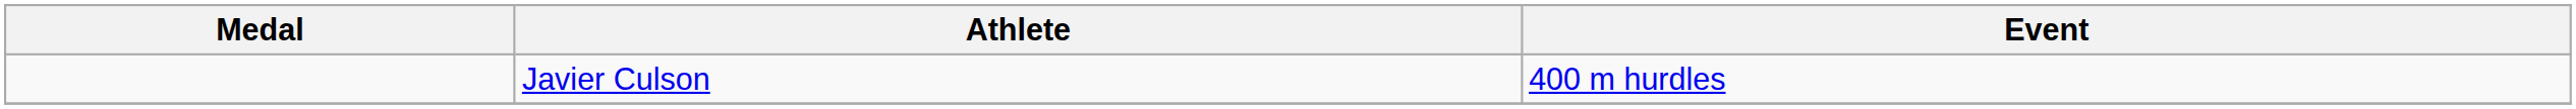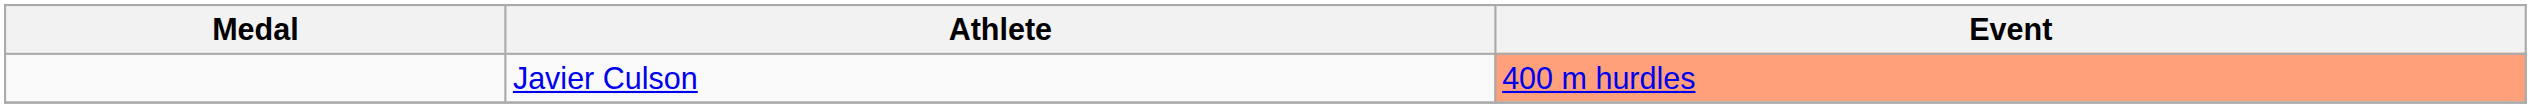 <table class="wikitable" style="font-size:90%" width=60%>
 <tr>
 <th>Medal</th>
 <th>Athlete</th>
 <th>Event</th>
 </tr>
 <tr>
 <td></td>
 <td><a href='#'>Javier Culson</a></td>
-<td><a href='#'>400 m hurdles</a></td>
+<td style="background: lightsalmon;"><a href='#'>400 m hurdles</a></td>
 </tr>
 <tr>
 </tr>
 </table>
